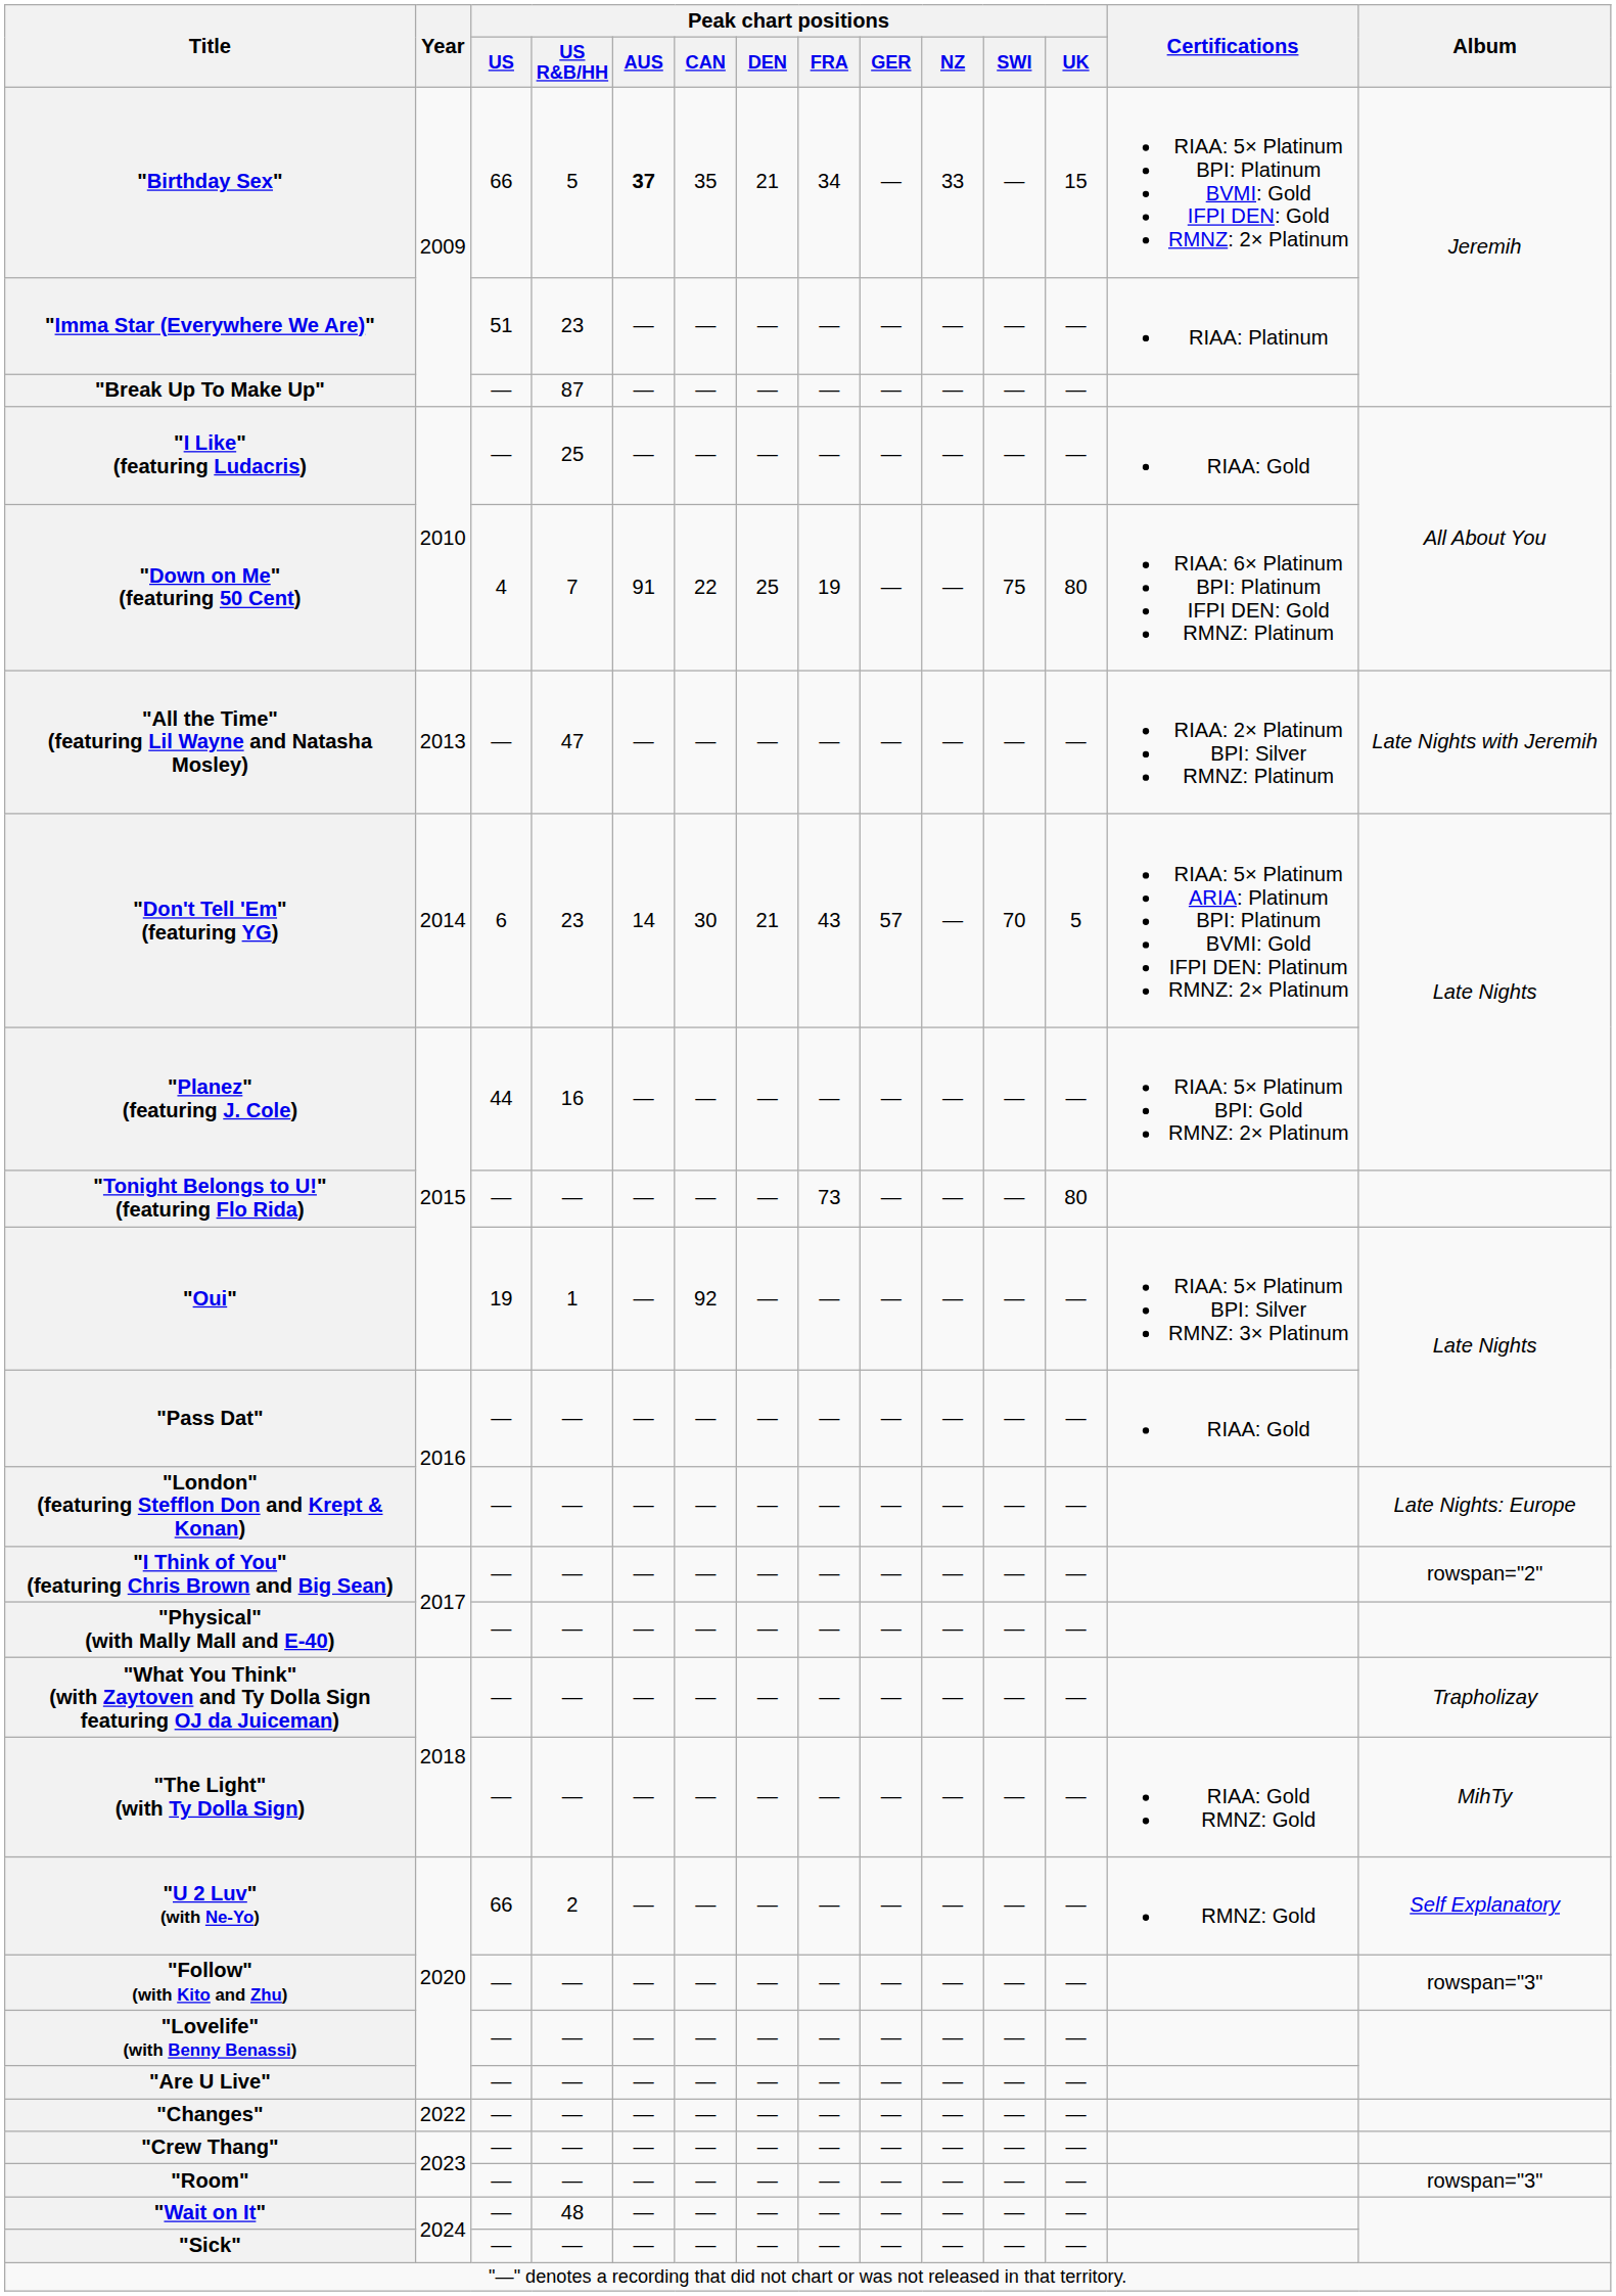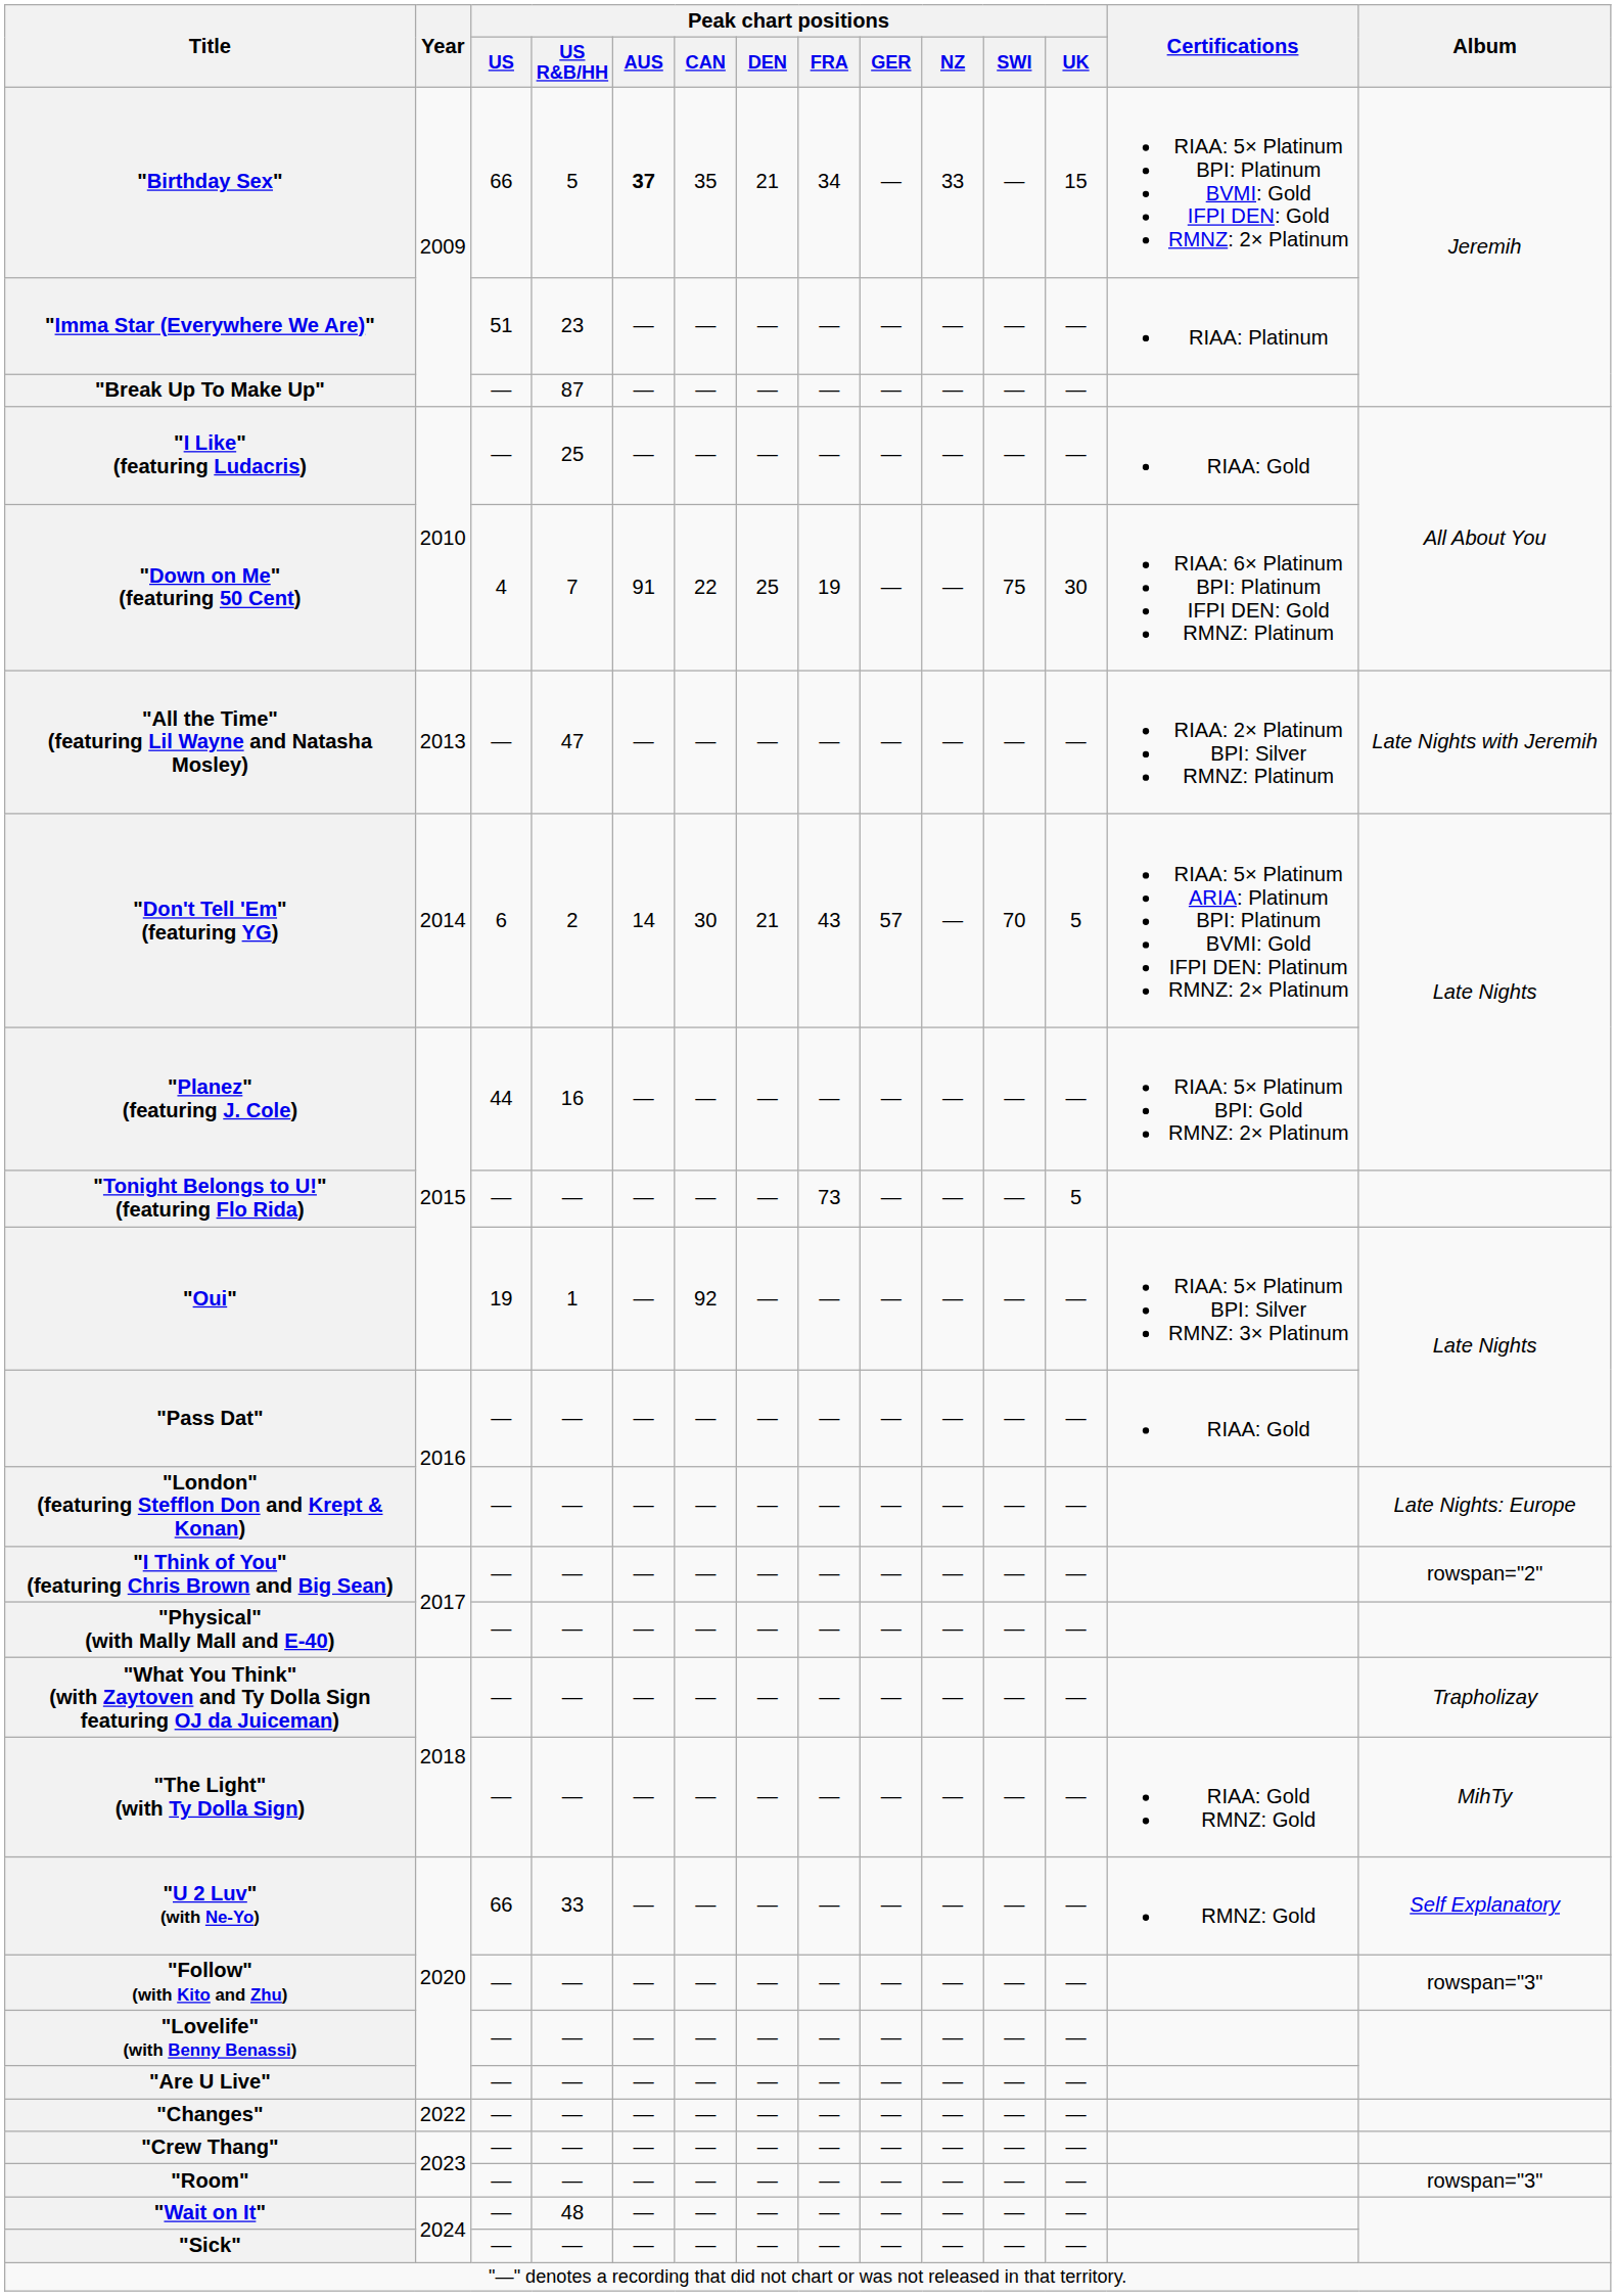 <table class="wikitable plainrowheaders" style="text-align:center;">
 <tr>
 <th scope="col" rowspan="2" style="width:20em;">Title</th>
 <th scope="col" rowspan="2">Year</th>
 <th scope="col" colspan="10">Peak chart positions</th>
 <th scope="col" rowspan="2" style="width:12em;"><a href='#'>Certifications</a></th>
 <th scope="col" rowspan="2" style="width:12em;">Album</th>
 </tr>
 <tr>
 <th scope="col" style="width:2.9em;font-size:90%;"><a href='#'>US</a><br></th>
 <th scope="col" style="width:2.9em;font-size:90%;"><a href='#'>US R&B/HH</a><br></th>
 <th scope="col" style="width:2.9em;font-size:90%;"><a href='#'>AUS</a><br></th>
 <th scope="col" style="width:2.9em;font-size:90%;"><a href='#'>CAN</a><br></th>
 <th scope="col" style="width:2.9em;font-size:90%;"><a href='#'>DEN</a><br></th>
 <th scope="col" style="width:2.9em;font-size:90%;"><a href='#'>FRA</a><br></th>
 <th scope="col" style="width:2.9em;font-size:90%;"><a href='#'>GER</a><br></th>
 <th scope="col" style="width:2.9em;font-size:90%;"><a href='#'>NZ</a><br></th>
 <th scope="col" style="width:2.9em;font-size:90%;"><a href='#'>SWI</a><br></th>
 <th scope="col" style="width:2.9em;font-size:90%;"><a href='#'>UK</a><br></th>
 </tr>
 <tr>
 <th scope="row">"<a href='#'>Birthday Sex</a>"</th>
 <td rowspan="3">2009</td>
 <td>66</td>
 <td>5</td>
 <td><strong>37</strong></td>
 <td>35</td>
 <td>21</td>
 <td>34</td>
 <td>—</td>
 <td>33</td>
 <td>—</td>
 <td>15</td>
 <td><br><ul><li>RIAA: 5× Platinum</li><li>BPI: Platinum</li><li><a href='#'>BVMI</a>: Gold</li><li><a href='#'>IFPI DEN</a>: Gold</li><li><a href='#'>RMNZ</a>: 2× Platinum</li></ul></td>
 <td rowspan="3"><em>Jeremih</em></td>
 </tr>
 <tr>
 <th scope="row">"<a href='#'>Imma Star (Everywhere We Are)</a>"</th>
 <td>51</td>
 <td>23</td>
 <td>—</td>
 <td>—</td>
 <td>—</td>
 <td>—</td>
 <td>—</td>
 <td>—</td>
 <td>—</td>
 <td>—</td>
 <td><br><ul><li>RIAA: Platinum</li></ul></td>
 </tr>
 <tr>
 <th scope="row">"Break Up To Make Up"</th>
 <td>—</td>
 <td>87</td>
 <td>—</td>
 <td>—</td>
 <td>—</td>
 <td>—</td>
 <td>—</td>
 <td>—</td>
 <td>—</td>
 <td>—</td>
 <td></td>
 </tr>
 <tr>
 <th scope="row">"<a href='#'>I Like</a>"<br><span>(featuring <a href='#'>Ludacris</a>)</span></th>
 <td rowspan="2">2010</td>
 <td>—</td>
 <td>25</td>
 <td>—</td>
 <td>—</td>
 <td>—</td>
 <td>—</td>
 <td>—</td>
 <td>—</td>
 <td>—</td>
 <td>—</td>
 <td><br><ul><li>RIAA: Gold</li></ul></td>
 <td rowspan="2"><em>All About You</em></td>
 </tr>
 <tr>
 <th scope="row">"<a href='#'>Down on Me</a>"<br><span>(featuring <a href='#'>50 Cent</a>)</span></th>
 <td>4</td>
 <td>7</td>
 <td>91</td>
 <td>22</td>
 <td>25</td>
 <td>19</td>
 <td>—</td>
 <td>—</td>
 <td>75</td>
-<td>80</td>
+<td>30</td>
 <td><br><ul><li>RIAA: 6× Platinum</li><li>BPI: Platinum</li><li>IFPI DEN: Gold</li><li>RMNZ: Platinum</li></ul></td>
 </tr>
 <tr>
 <th scope="row">"All the Time"<br><span>(featuring <a href='#'>Lil Wayne</a> and Natasha Mosley)</span></th>
 <td>2013</td>
 <td>—</td>
 <td>47</td>
 <td>—</td>
 <td>—</td>
 <td>—</td>
 <td>—</td>
 <td>—</td>
 <td>—</td>
 <td>—</td>
 <td>—</td>
 <td><br><ul><li>RIAA: 2× Platinum</li><li>BPI: Silver</li><li>RMNZ: Platinum</li></ul></td>
 <td><em>Late Nights with Jeremih</em></td>
 </tr>
 <tr>
 <th scope="row">"<a href='#'>Don't Tell 'Em</a>"<br><span>(featuring <a href='#'>YG</a>)</span></th>
 <td>2014</td>
 <td>6</td>
-<td>23</td>
+<td>2</td>
 <td>14</td>
 <td>30</td>
 <td>21</td>
 <td>43</td>
 <td>57</td>
 <td>—</td>
 <td>70</td>
 <td>5</td>
 <td><br><ul><li>RIAA: 5× Platinum</li><li><a href='#'>ARIA</a>: Platinum</li><li>BPI: Platinum</li><li>BVMI: Gold</li><li>IFPI DEN: Platinum</li><li>RMNZ: 2× Platinum</li></ul></td>
 <td rowspan="2"><em>Late Nights</em></td>
 </tr>
 <tr>
 <th scope="row">"<a href='#'>Planez</a>"<br><span>(featuring <a href='#'>J. Cole</a>)</span></th>
 <td rowspan="3">2015</td>
 <td>44</td>
 <td>16</td>
 <td>—</td>
 <td>—</td>
 <td>—</td>
 <td>—</td>
 <td>—</td>
 <td>—</td>
 <td>—</td>
 <td>—</td>
 <td><br><ul><li>RIAA: 5× Platinum</li><li>BPI: Gold</li><li>RMNZ: 2× Platinum</li></ul></td>
 </tr>
 <tr>
 <th scope="row">"<a href='#'>Tonight Belongs to U!</a>"<br><span>(featuring <a href='#'>Flo Rida</a>)</span></th>
 <td>—</td>
 <td>—</td>
 <td>—</td>
 <td>—</td>
 <td>—</td>
 <td>73</td>
 <td>—</td>
 <td>—</td>
 <td>—</td>
-<td>80</td>
+<td>5</td>
 <td></td>
 <td></td>
 </tr>
 <tr>
 <th scope="row">"<a href='#'>Oui</a>"</th>
 <td>19</td>
 <td>1</td>
 <td>—</td>
 <td>92</td>
 <td>—</td>
 <td>—</td>
 <td>—</td>
 <td>—</td>
 <td>—</td>
 <td>—</td>
 <td><br><ul><li>RIAA: 5× Platinum</li><li>BPI: Silver</li><li>RMNZ: 3× Platinum</li></ul></td>
 <td rowspan="2"><em>Late Nights</em></td>
 </tr>
 <tr>
 <th scope="row">"Pass Dat"</th>
 <td rowspan="2">2016</td>
 <td>—</td>
 <td>—</td>
 <td>—</td>
 <td>—</td>
 <td>—</td>
 <td>—</td>
 <td>—</td>
 <td>—</td>
 <td>—</td>
 <td>—</td>
 <td><br><ul><li>RIAA: Gold</li></ul></td>
 </tr>
 <tr>
 <th scope="row">"London"<br><span>(featuring <a href='#'>Stefflon Don</a> and <a href='#'>Krept & Konan</a>)</span></th>
 <td>—</td>
 <td>—</td>
 <td>—</td>
 <td>—</td>
 <td>—</td>
 <td>—</td>
 <td>—</td>
 <td>—</td>
 <td>—</td>
 <td>—</td>
 <td></td>
 <td><em>Late Nights: Europe</em></td>
 </tr>
 <tr>
 <th scope="row">"<a href='#'>I Think of You</a>"<br><span>(featuring <a href='#'>Chris Brown</a> and <a href='#'>Big Sean</a>)</span></th>
 <td rowspan="2">2017</td>
 <td>—</td>
 <td>—</td>
 <td>—</td>
 <td>—</td>
 <td>—</td>
 <td>—</td>
 <td>—</td>
 <td>—</td>
 <td>—</td>
 <td>—</td>
 <td></td>
 <td>rowspan="2" </td>
 </tr>
 <tr>
 <th scope="row">"Physical"<br><span>(with Mally Mall and <a href='#'>E-40</a>)</span></th>
 <td>—</td>
 <td>—</td>
 <td>—</td>
 <td>—</td>
 <td>—</td>
 <td>—</td>
 <td>—</td>
 <td>—</td>
 <td>—</td>
 <td>—</td>
 <td></td>
 </tr>
 <tr>
 <th scope="row">"What You Think" <br><span>(with <a href='#'>Zaytoven</a> and Ty Dolla Sign featuring <a href='#'>OJ da Juiceman</a>)</span></th>
 <td rowspan="2">2018</td>
 <td>—</td>
 <td>—</td>
 <td>—</td>
 <td>—</td>
 <td>—</td>
 <td>—</td>
 <td>—</td>
 <td>—</td>
 <td>—</td>
 <td>—</td>
 <td></td>
 <td><em>Trapholizay</em></td>
 </tr>
 <tr>
 <th scope="row">"The Light"<br><span>(with <a href='#'>Ty Dolla Sign</a>)</span></th>
 <td>—</td>
 <td>—</td>
 <td>—</td>
 <td>—</td>
 <td>—</td>
 <td>—</td>
 <td>—</td>
 <td>—</td>
 <td>—</td>
 <td>—</td>
 <td><br><ul><li>RIAA: Gold</li><li>RMNZ: Gold</li></ul></td>
 <td><em>MihTy</em></td>
 </tr>
 <tr>
 <th scope="row">"<a href='#'>U 2 Luv</a>"<br><small>(with <a href='#'>Ne-Yo</a>)</small></th>
 <td rowspan="4">2020</td>
 <td>66</td>
-<td>2</td>
+<td>33</td>
 <td>—</td>
 <td>—</td>
 <td>—</td>
 <td>—</td>
 <td>—</td>
 <td>—</td>
 <td>—</td>
 <td>—</td>
 <td><br><ul><li>RMNZ: Gold</li></ul></td>
 <td><em><a href='#'>Self Explanatory</a></em></td>
 </tr>
 <tr>
 <th scope="row">"Follow" <br><small>(with <a href='#'>Kito</a> and <a href='#'>Zhu</a>)</small></th>
 <td>—</td>
 <td>—</td>
 <td>—</td>
 <td>—</td>
 <td>—</td>
 <td>—</td>
 <td>—</td>
 <td>—</td>
 <td>—</td>
 <td>—</td>
 <td></td>
 <td>rowspan="3" </td>
 </tr>
 <tr>
 <th scope="row">"Lovelife" <br><small>(with <a href='#'>Benny Benassi</a>)</small></th>
 <td>—</td>
 <td>—</td>
 <td>—</td>
 <td>—</td>
 <td>—</td>
 <td>—</td>
 <td>—</td>
 <td>—</td>
 <td>—</td>
 <td>—</td>
 <td></td>
 </tr>
 <tr>
 <th scope="row">"Are U Live"<br></th>
 <td>—</td>
 <td>—</td>
 <td>—</td>
 <td>—</td>
 <td>—</td>
 <td>—</td>
 <td>—</td>
 <td>—</td>
 <td>—</td>
 <td>—</td>
 <td></td>
 </tr>
 <tr>
 <th scope="row">"Changes"</th>
 <td>2022</td>
 <td>—</td>
 <td>—</td>
 <td>—</td>
 <td>—</td>
 <td>—</td>
 <td>—</td>
 <td>—</td>
 <td>—</td>
 <td>—</td>
 <td>—</td>
 <td></td>
 <td></td>
 </tr>
 <tr>
 <th scope="row">"Crew Thang"<br></th>
 <td rowspan="2">2023</td>
 <td>—</td>
 <td>—</td>
 <td>—</td>
 <td>—</td>
 <td>—</td>
 <td>—</td>
 <td>—</td>
 <td>—</td>
 <td>—</td>
 <td>—</td>
 <td></td>
 <td></td>
 </tr>
 <tr>
 <th scope="row">"Room"<br></th>
 <td>—</td>
 <td>—</td>
 <td>—</td>
 <td>—</td>
 <td>—</td>
 <td>—</td>
 <td>—</td>
 <td>—</td>
 <td>—</td>
 <td>—</td>
 <td></td>
 <td>rowspan="3" </td>
 </tr>
 <tr>
 <th scope="row">"<a href='#'>Wait on It</a>"<br></th>
 <td rowspan="2">2024</td>
 <td>—</td>
 <td>48</td>
 <td>—</td>
 <td>—</td>
 <td>—</td>
 <td>—</td>
 <td>—</td>
 <td>—</td>
 <td>—</td>
 <td>—</td>
 <td></td>
 </tr>
 <tr>
 <th scope="row">"Sick"<br></th>
 <td>—</td>
 <td>—</td>
 <td>—</td>
 <td>—</td>
 <td>—</td>
 <td>—</td>
 <td>—</td>
 <td>—</td>
 <td>—</td>
 <td>—</td>
 <td></td>
 </tr>
 <tr>
 <td colspan="14" style="font-size:90%">"—" denotes a recording that did not chart or was not released in that territory.</td>
 </tr>
 </table>
